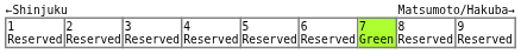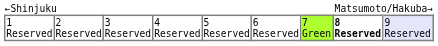 <table table border=0 cellspacing=0 cellpadding=1>
 <tr>
 <td colspan=6 align=lift>←Shinjuku</td>
 <td> </td>
 <td colspan="6" style="text-align:right;">Matsumoto/Hakuba→</td>
 </tr>
 <tr>
 <td style="width:40px; border-top:solid 2px gray; border-left:solid 2px gray; border-bottom:solid 2px gray; border-right:solid 2px gray;">1<br>Reserved</td>
 <td style="width:40px; border-top:solid 2px gray; border-bottom:solid 2px gray; border-right:solid 2px gray;">2<br>Reserved</td>
 <td style="width:40px; border-top:solid 2px gray; border-bottom:solid 2px gray; border-right:solid 2px gray;">3<br>Reserved</td>
 <td style="width:40px; border-top:solid 2px gray; border-bottom:solid 2px gray; border-right:solid 2px gray;">4<br>Reserved</td>
 <td style="width:40px; border-top:solid 2px gray; border-bottom:solid 2px gray; border-right:solid 2px gray;">5<br>Reserved</td>
 <td style="width:40px; border-top:solid 2px gray; border-bottom:solid 2px gray; border-right:solid 2px gray;">6<br>Reserved</td>
 <td style="border-top:solid 2px gray; border-bottom:solid 2px gray; border-right:solid 2px gray; width:40px; background:greenyellow;">7<br>Green</td>
-<td style="width:40px; border-top:solid 2px gray; border-bottom:solid 2px gray; border-right:solid 2px gray;">8<br>Reserved</td>
-<td style="width:40px; border-top:solid 2px gray; border-bottom:solid 2px gray; border-right:solid 2px gray;">9<br>Reserved</td>
+<td style="width:40px; border-top:solid 2px gray; border-bottom:solid 2px gray; border-right:solid 2px gray;"><strong>8<br>Reserved</strong></td>
+<td style="background: lavender; width:40px; border-top:solid 2px gray; border-bottom:solid 2px gray; border-right:solid 2px gray;">9<br>Reserved</td>
 </tr>
 </table>
